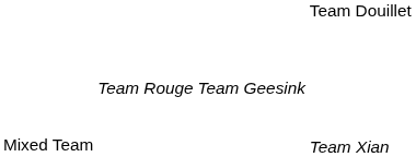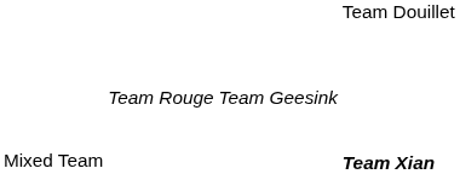 <table>
 <tr>
 <td rowspan=2>Mixed Team<br></td>
 <td rowspan=2><em>Team Rouge</em><br>  <br>  <br>  <br>  <br>  <br> <br> </td>
 <td rowspan=2><em>Team Geesink</em><br>  <br>  <br>  <br>  <br>  <br> <br> </td>
 <td>Team Douillet<br>  <br>  <br>  <br>  <br>  <br> <br> </td>
 </tr>
 <tr>
-<td><em>Team Xian</em><br>  <br>  <br>  <br>  <br>  <br> <br>  <br> </td>
+<td><strong><em>Team Xian</em><br>  <br>  <br>  <br>  <br>  <br> <br>  <br> </strong></td>
 </tr>
 </table>
